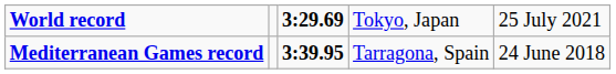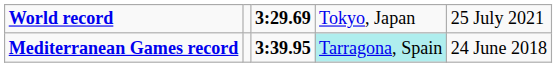 <table class="wikitable">
 <tr>
 <td><strong><a href='#'>World record</a></strong></td>
 <td></td>
 <td><strong>3:29.69</strong></td>
 <td><a href='#'>Tokyo</a>, Japan</td>
 <td>25 July 2021</td>
 </tr>
 <tr>
 <td><strong><a href='#'>Mediterranean Games record</a></strong></td>
 <td></td>
 <td><strong>3:39.95</strong></td>
-<td><a href='#'>Tarragona</a>, Spain</td>
+<td style="background: paleturquoise;"><a href='#'>Tarragona</a>, Spain</td>
 <td>24 June 2018</td>
 </tr>
 </table>
